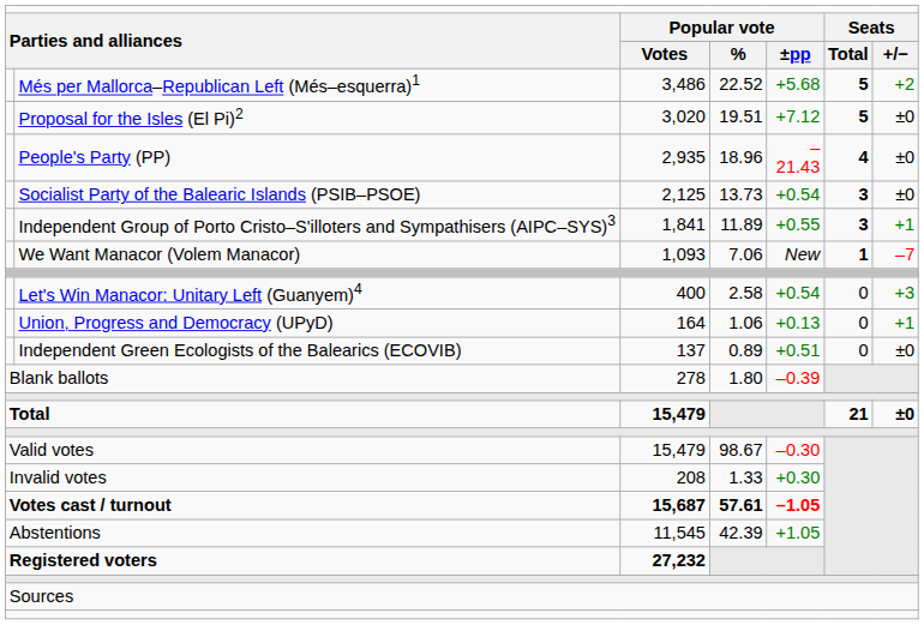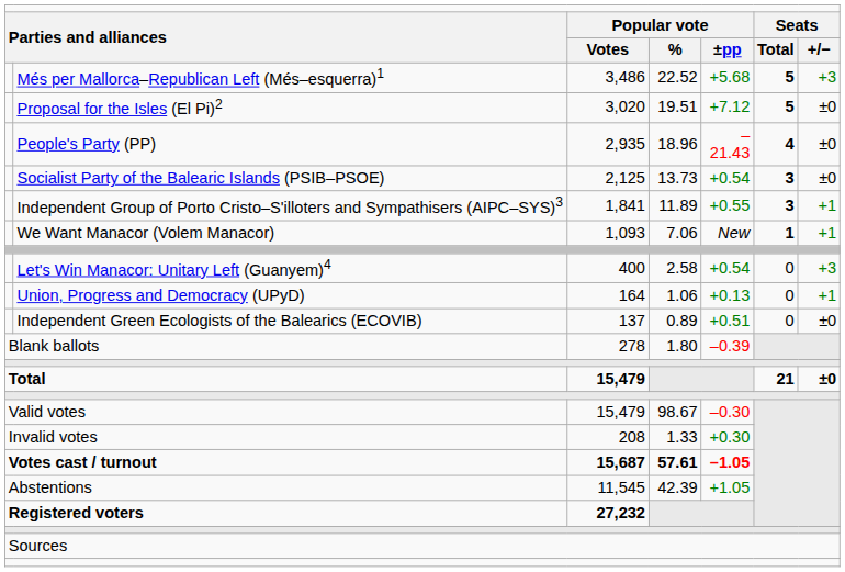 <table class="wikitable" style="text-align:right;">
 <tr>
 <td colspan="7"></td>
 </tr>
 <tr>
 <th style="text-align:left;" rowspan="2" colspan="2" width="525">Parties and alliances</th>
 <th colspan="3">Popular vote</th>
 <th colspan="2">Seats</th>
 </tr>
 <tr>
 <th width="75">Votes</th>
 <th width="45">%</th>
 <th width="45">±<a href='#'>pp</a></th>
 <th width="35">Total</th>
 <th width="35">+/−</th>
 </tr>
 <tr>
 <td width="1" style="color:inherit;background:"></td>
 <td align="left"><a href='#'>Més per Mallorca</a>–<a href='#'>Republican Left</a> (Més–esquerra)<sup>1</sup></td>
 <td>3,486</td>
 <td>22.52</td>
 <td style="color:green;">+5.68</td>
 <td><strong>5</strong></td>
-<td style="color:green;">+2</td>
+<td style="color:green;">+3</td>
 </tr>
 <tr>
 <td style="color:inherit;background:"></td>
 <td align="left"><a href='#'>Proposal for the Isles</a> (El Pi)<sup>2</sup></td>
 <td>3,020</td>
 <td>19.51</td>
 <td style="color:green;">+7.12</td>
 <td><strong>5</strong></td>
 <td>±0</td>
 </tr>
 <tr>
 <td style="color:inherit;background:"></td>
 <td align="left"><a href='#'>People's Party</a> (PP)</td>
 <td>2,935</td>
 <td>18.96</td>
 <td style="color:red;">–21.43</td>
 <td><strong>4</strong></td>
 <td>±0</td>
 </tr>
 <tr>
 <td style="color:inherit;background:"></td>
 <td align="left"><a href='#'>Socialist Party of the Balearic Islands</a> (PSIB–PSOE)</td>
 <td>2,125</td>
 <td>13.73</td>
 <td style="color:green;">+0.54</td>
 <td><strong>3</strong></td>
 <td>±0</td>
 </tr>
 <tr>
 <td style="color:inherit;background:"></td>
 <td align="left">Independent Group of Porto Cristo–S'illoters and Sympathisers (AIPC–SYS)<sup>3</sup></td>
 <td>1,841</td>
 <td>11.89</td>
 <td style="color:green;">+0.55</td>
 <td><strong>3</strong></td>
 <td style="color:green;">+1</td>
 </tr>
 <tr>
 <td style="color:inherit;background:"></td>
 <td align="left">We Want Manacor (Volem Manacor)</td>
 <td>1,093</td>
 <td>7.06</td>
 <td><em>New</em></td>
 <td><strong>1</strong></td>
-<td style="color:red;">–7</td>
+<td style="color:green;">+1</td>
 </tr>
 <tr>
 <td colspan="7" bgcolor="#C0C0C0"></td>
 </tr>
 <tr>
 <td style="color:inherit;background:"></td>
 <td align="left"><a href='#'>Let's Win Manacor: Unitary Left</a> (Guanyem)<sup>4</sup></td>
 <td>400</td>
 <td>2.58</td>
 <td style="color:green;">+0.54</td>
 <td>0</td>
 <td style="color:green;">+3</td>
 </tr>
 <tr>
 <td style="color:inherit;background:"></td>
 <td align="left"><a href='#'>Union, Progress and Democracy</a> (UPyD)</td>
 <td>164</td>
 <td>1.06</td>
 <td style="color:green;">+0.13</td>
 <td>0</td>
 <td style="color:green;">+1</td>
 </tr>
 <tr>
 <td style="color:inherit;background:"></td>
 <td align="left">Independent Green Ecologists of the Balearics (ECOVIB)</td>
 <td>137</td>
 <td>0.89</td>
 <td style="color:green;">+0.51</td>
 <td>0</td>
 <td>±0</td>
 </tr>
 <tr>
 <td align="left" colspan="2">Blank ballots</td>
 <td>278</td>
 <td>1.80</td>
 <td style="color:red;">–0.39</td>
 <td bgcolor="#E9E9E9" colspan="2"></td>
 </tr>
 <tr>
 <td colspan="7" bgcolor="#E9E9E9"></td>
 </tr>
 <tr style="font-weight:bold;">
 <td align="left" colspan="2">Total</td>
 <td>15,479</td>
 <td bgcolor="#E9E9E9" colspan="2"></td>
 <td>21</td>
 <td>±0</td>
 </tr>
 <tr>
 <td colspan="7" bgcolor="#E9E9E9"></td>
 </tr>
 <tr>
 <td align="left" colspan="2">Valid votes</td>
 <td>15,479</td>
 <td>98.67</td>
 <td style="color:red;">–0.30</td>
 <td bgcolor="#E9E9E9" colspan="2" rowspan="5"></td>
 </tr>
 <tr>
 <td align="left" colspan="2">Invalid votes</td>
 <td>208</td>
 <td>1.33</td>
 <td style="color:green;">+0.30</td>
 </tr>
 <tr style="font-weight:bold;">
 <td align="left" colspan="2">Votes cast / turnout</td>
 <td>15,687</td>
 <td>57.61</td>
 <td style="color:red;">–1.05</td>
 </tr>
 <tr>
 <td align="left" colspan="2">Abstentions</td>
 <td>11,545</td>
 <td>42.39</td>
 <td style="color:green;">+1.05</td>
 </tr>
 <tr style="font-weight:bold;">
 <td align="left" colspan="2">Registered voters</td>
 <td>27,232</td>
 <td bgcolor="#E9E9E9" colspan="2"></td>
 </tr>
 <tr>
 <td colspan="7" bgcolor="#E9E9E9"></td>
 </tr>
 <tr>
 <td align="left" colspan="7">Sources</td>
 </tr>
 <tr>
 <td colspan="7" style="text-align:left; max-width:790px;"></td>
 </tr>
 </table>
